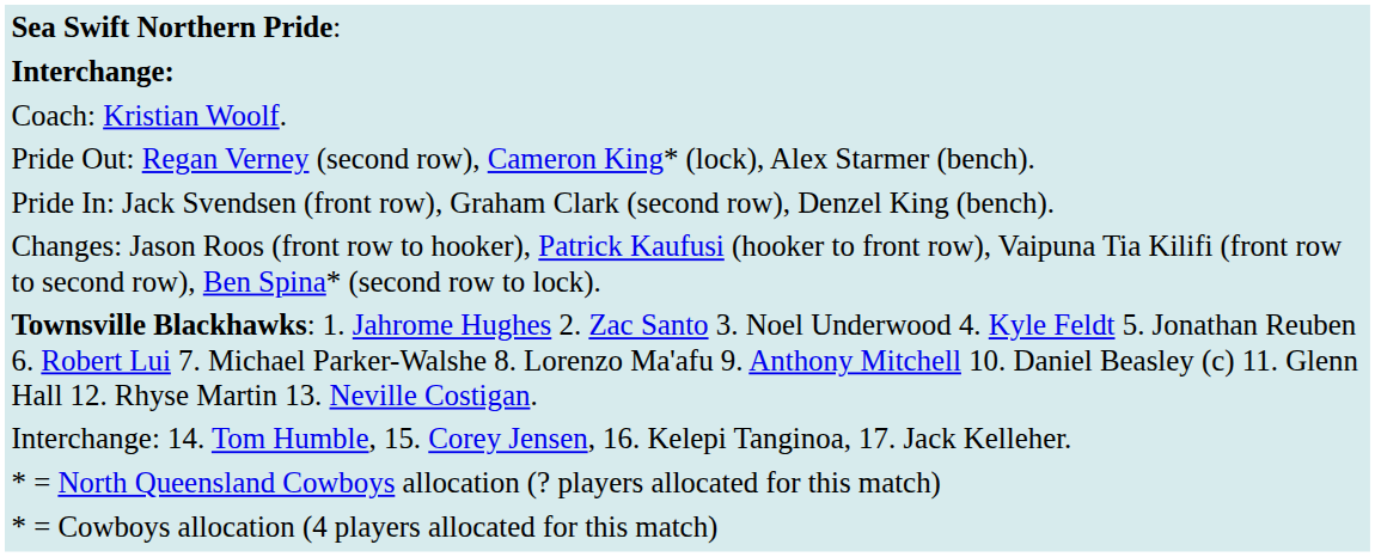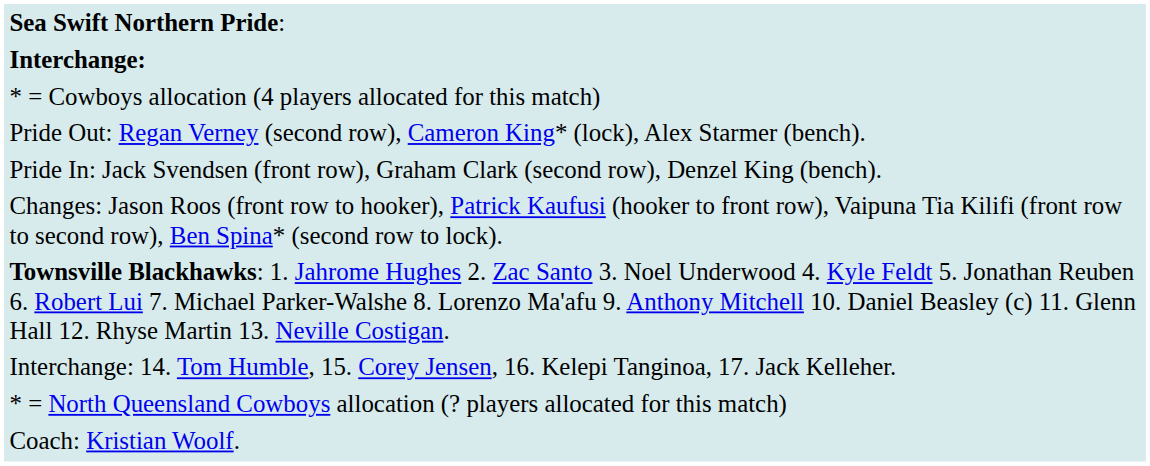 <table style="background:#d7ebed; font-size:85%; width:100%;">
 <tr>
 <td><strong>Sea Swift Northern Pride</strong>:             </td>
 </tr>
 <tr>
 <td><strong>Interchange:    </strong></td>
 </tr>
 <tr>
-<td>Coach: <a href='#'>Kristian Woolf</a>.</td>
+<td>* = Cowboys allocation (4 players allocated for this match)</td>
 </tr>
 <tr>
 <td>Pride Out: <a href='#'>Regan Verney</a> (second row), <a href='#'>Cameron King</a>* (lock), Alex Starmer (bench).</td>
 </tr>
 <tr>
 <td>Pride In: Jack Svendsen (front row), Graham Clark (second row), Denzel King (bench).</td>
 </tr>
 <tr>
 <td>Changes: Jason Roos (front row to hooker), <a href='#'>Patrick Kaufusi</a> (hooker to front row), Vaipuna Tia Kilifi (front row to second row), <a href='#'>Ben Spina</a>* (second row to lock).</td>
 </tr>
 <tr>
 <td><strong>Townsville Blackhawks</strong>:  1. <a href='#'>Jahrome Hughes</a> 2. <a href='#'>Zac Santo</a> 3. Noel Underwood 4. <a href='#'>Kyle Feldt</a> 5. Jonathan Reuben 6. <a href='#'>Robert Lui</a> 7. Michael Parker-Walshe 8. Lorenzo Ma'afu 9. <a href='#'>Anthony Mitchell</a> 10. Daniel Beasley (c) 11. Glenn Hall 12. Rhyse Martin 13. <a href='#'>Neville Costigan</a>.</td>
 </tr>
 <tr>
 <td>Interchange: 14. <a href='#'>Tom Humble</a>, 15. <a href='#'>Corey Jensen</a>, 16. Kelepi Tanginoa, 17. Jack Kelleher.</td>
 </tr>
 <tr>
 <td>* = <a href='#'>North Queensland Cowboys</a> allocation (? players allocated for this match)</td>
 </tr>
 <tr>
-<td>* = Cowboys allocation (4 players allocated for this match)</td>
+<td>Coach: <a href='#'>Kristian Woolf</a>.</td>
 </tr>
 </table>
